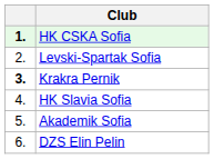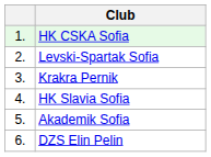 <table class="wikitable">
 <tr>
 <th width="30"></th>
 <th width="200">Club</th>
 </tr>
 <tr bgcolor="#e6fae6" align="center">
-<td><strong>1.</strong></td>
+<td>1.</td>
 <td align="left"><a href='#'>HK CSKA Sofia</a></td>
 </tr>
 <tr bgcolor="#FFFFFF" align="center">
 <td>2.</td>
 <td align="left"><a href='#'>Levski-Spartak Sofia</a></td>
 </tr>
 <tr bgcolor="#FFFFFF" align="center">
-<td><strong>3.</strong></td>
+<td>3.</td>
 <td align="left"><a href='#'>Krakra Pernik</a></td>
 </tr>
 <tr bgcolor="#FFFFFF" align="center">
 <td>4.</td>
 <td align="left"><a href='#'>HK Slavia Sofia</a></td>
 </tr>
 <tr bgcolor="#FFFFFF" align="center">
 <td>5.</td>
 <td align="left"><a href='#'>Akademik Sofia</a></td>
 </tr>
 <tr bgcolor="#FFFFFF" align="center">
 <td>6.</td>
 <td align="left"><a href='#'>DZS Elin Pelin</a></td>
 </tr>
 </table>
